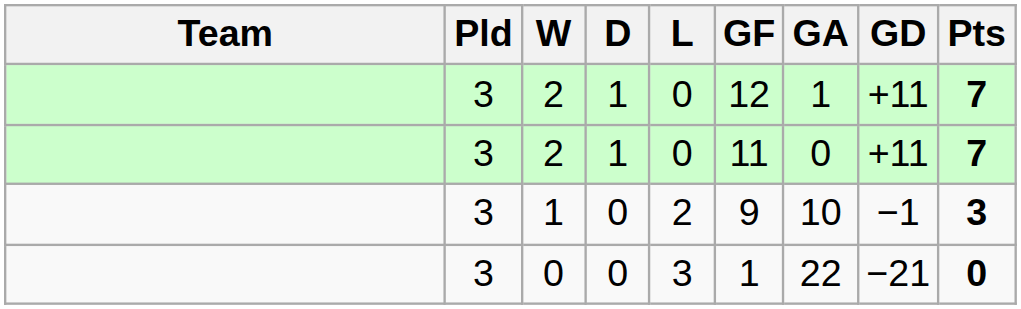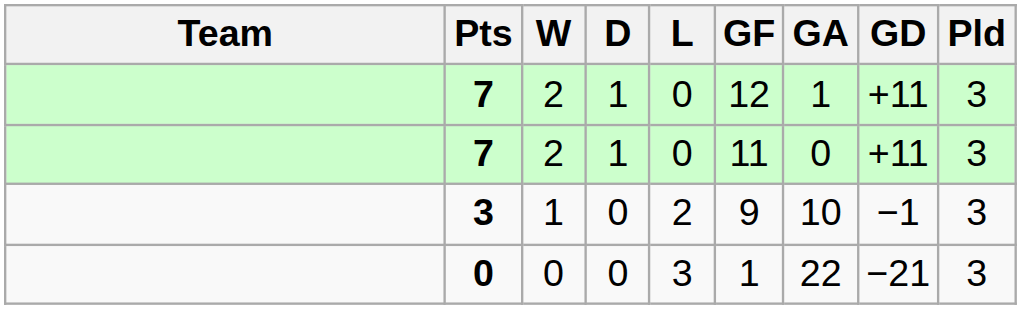 <table class="wikitable" style="text-align:center;">
 <tr>
 <th width=180>Team</th>
-<th width=20>Pld</th>
+<th width=20>Pts</th>
 <th width=20>W</th>
 <th width=20>D</th>
 <th width=20>L</th>
 <th width=20>GF</th>
 <th width=20>GA</th>
 <th width=20>GD</th>
-<th width=20>Pts</th>
+<th width=20>Pld</th>
 </tr>
 <tr bgcolor=ccffcc>
 <td align="left"></td>
-<td>3</td>
+<td><strong>7</strong></td>
 <td>2</td>
 <td>1</td>
 <td>0</td>
 <td>12</td>
 <td>1</td>
 <td>+11</td>
-<td><strong>7</strong></td>
+<td>3</td>
 </tr>
 <tr bgcolor=ccffcc>
 <td align="left"></td>
-<td>3</td>
+<td><strong>7</strong></td>
 <td>2</td>
 <td>1</td>
 <td>0</td>
 <td>11</td>
 <td>0</td>
 <td>+11</td>
-<td><strong>7</strong></td>
+<td>3</td>
 </tr>
 <tr>
 <td align="left"><em></em></td>
-<td>3</td>
+<td><strong>3</strong></td>
 <td>1</td>
 <td>0</td>
 <td>2</td>
 <td>9</td>
 <td>10</td>
 <td>−1</td>
-<td><strong>3</strong></td>
+<td>3</td>
 </tr>
 <tr>
 <td align="left"></td>
-<td>3</td>
+<td><strong>0</strong></td>
 <td>0</td>
 <td>0</td>
 <td>3</td>
 <td>1</td>
 <td>22</td>
 <td>−21</td>
-<td><strong>0</strong></td>
+<td>3</td>
 </tr>
 </table>
